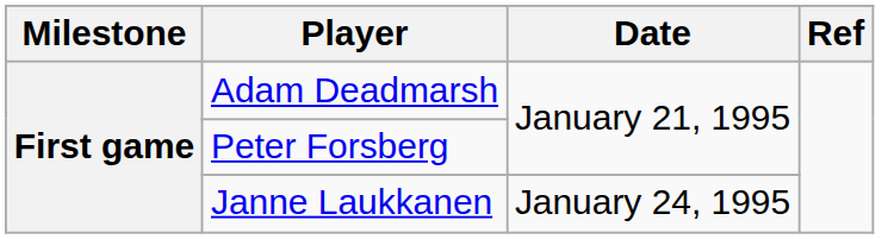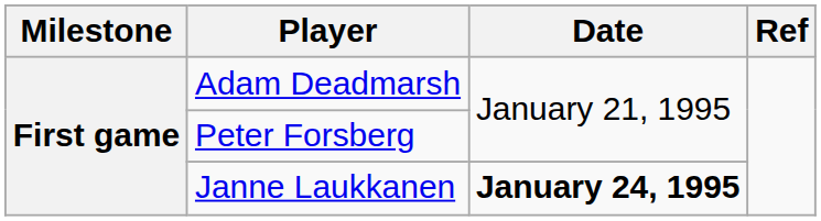 <table class="wikitable">
 <tr>
 <th scope="col">Milestone</th>
 <th scope="col">Player</th>
 <th scope="col">Date</th>
 <th scope="col">Ref</th>
 </tr>
 <tr>
 <th rowspan=3>First game</th>
 <td><a href='#'>Adam Deadmarsh</a></td>
 <td rowspan=2>January 21, 1995</td>
 <td rowspan=3></td>
 </tr>
 <tr>
 <td><a href='#'>Peter Forsberg</a></td>
 </tr>
 <tr>
 <td><a href='#'>Janne Laukkanen</a></td>
-<td>January 24, 1995</td>
+<td><strong>January 24, 1995</strong></td>
 </tr>
 </table>
